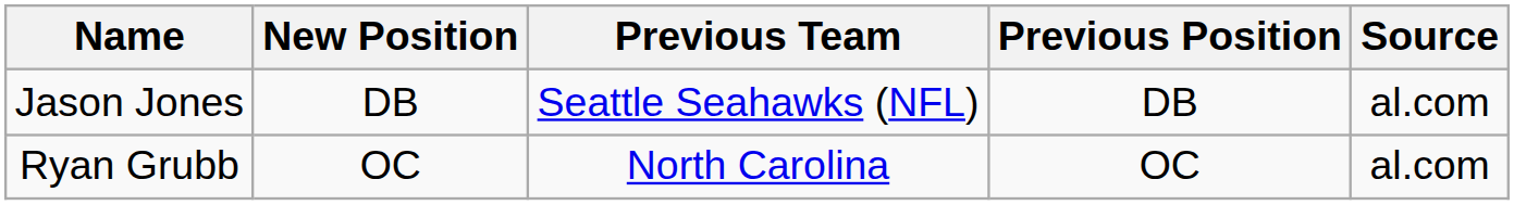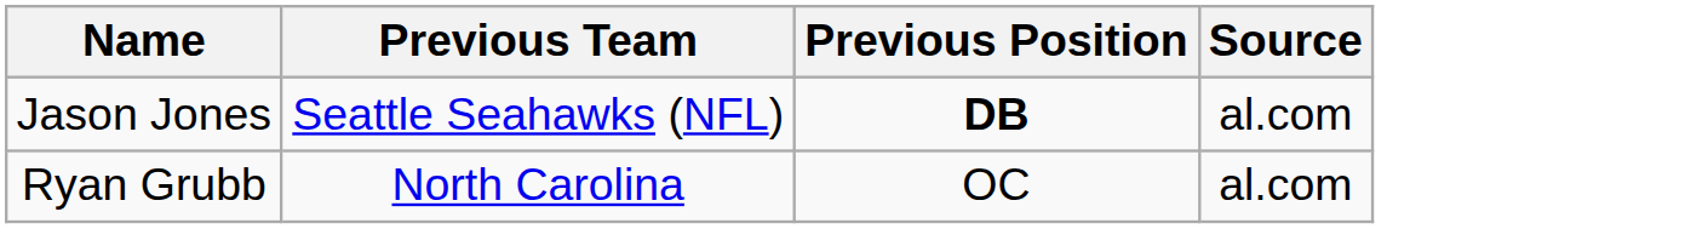 <table class="wikitable">
 <tr>
 <th style="text-align:center; ">Name</th>
-<th style="text-align:center; ">New Position</th>
 <th style="text-align:center; ">Previous Team</th>
 <th style="text-align:center; ">Previous Position</th>
 <th style="text-align:center; ">Source</th>
 </tr>
 <tr align="center">
 <td>Jason Jones</td>
-<td>DB</td>
 <td><a href='#'>Seattle Seahawks</a> (<a href='#'>NFL</a>)</td>
-<td>DB</td>
+<td><strong>DB</strong></td>
 <td>al.com</td>
 </tr>
 <tr align="center">
 <td>Ryan Grubb</td>
-<td>OC</td>
 <td><a href='#'>North Carolina</a></td>
 <td>OC</td>
 <td>al.com</td>
 </tr>
 </table>
